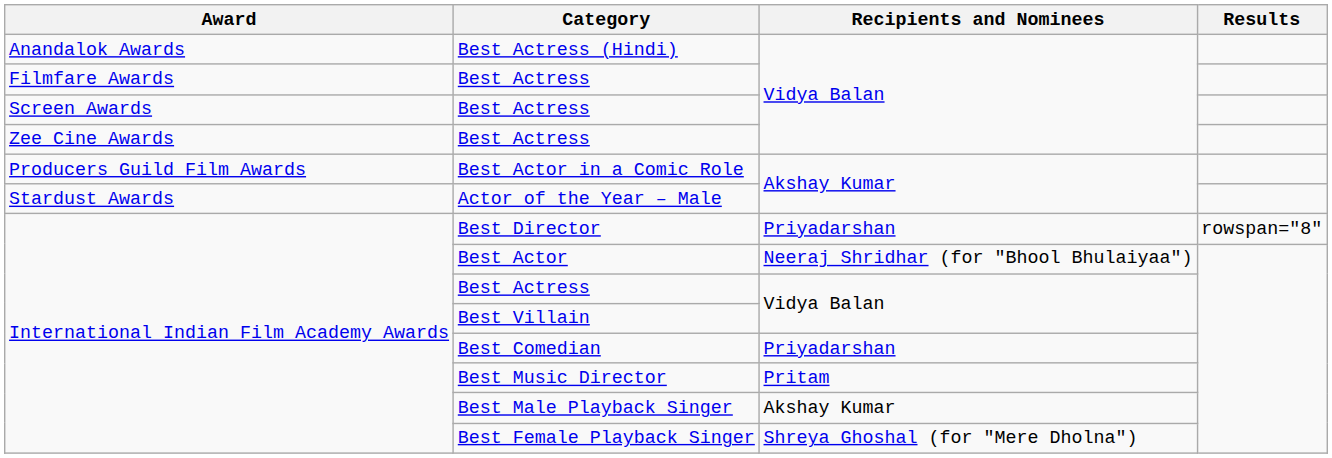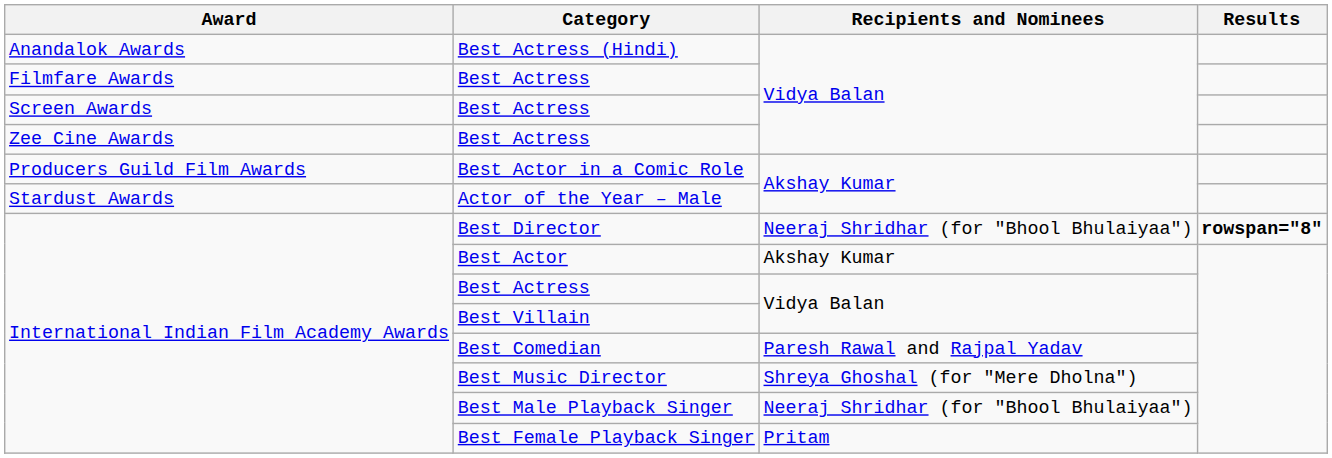 <table class="wikitable plainrowheaders sortable">
 <tr>
 <th>Award</th>
 <th>Category</th>
 <th>Recipients and Nominees</th>
 <th>Results</th>
 </tr>
 <tr>
 <td rowspan="1"><a href='#'>Anandalok Awards</a></td>
 <td><a href='#'>Best Actress (Hindi)</a></td>
 <td rowspan="4"><a href='#'>Vidya Balan</a></td>
 <td></td>
 </tr>
 <tr>
 <td><a href='#'>Filmfare Awards</a></td>
 <td><a href='#'>Best Actress</a></td>
 <td></td>
 </tr>
 <tr>
 <td><a href='#'>Screen Awards</a></td>
 <td><a href='#'>Best Actress</a></td>
 <td></td>
 </tr>
 <tr>
 <td><a href='#'>Zee Cine Awards</a></td>
 <td><a href='#'>Best Actress</a></td>
 <td></td>
 </tr>
 <tr>
 <td><a href='#'>Producers Guild Film Awards</a></td>
 <td><a href='#'>Best Actor in a Comic Role</a></td>
 <td rowspan="2"><a href='#'>Akshay Kumar</a></td>
 <td></td>
 </tr>
 <tr>
 <td><a href='#'>Stardust Awards</a></td>
 <td><a href='#'>Actor of the Year – Male</a></td>
 <td></td>
 </tr>
 <tr>
 <td rowspan="8"><a href='#'>International Indian Film Academy Awards</a></td>
 <td><a href='#'>Best Director</a></td>
-<td><a href='#'>Priyadarshan</a></td>
-<td>rowspan="8" </td>
+<td><a href='#'>Neeraj Shridhar</a> (for "Bhool Bhulaiyaa")</td>
+<td><strong>rowspan="8" </strong></td>
 </tr>
 <tr>
 <td><a href='#'>Best Actor</a></td>
-<td><a href='#'>Neeraj Shridhar</a> (for "Bhool Bhulaiyaa")</td>
+<td>Akshay Kumar</td>
 </tr>
 <tr>
 <td><a href='#'>Best Actress</a></td>
 <td rowspan="2">Vidya Balan</td>
 </tr>
 <tr>
 <td><a href='#'>Best Villain</a></td>
 </tr>
 <tr>
 <td><a href='#'>Best Comedian</a></td>
-<td><a href='#'>Priyadarshan</a></td>
+<td><a href='#'>Paresh Rawal</a> and <a href='#'>Rajpal Yadav</a></td>
 </tr>
 <tr>
 <td><a href='#'>Best Music Director</a></td>
-<td><a href='#'>Pritam</a></td>
+<td><a href='#'>Shreya Ghoshal</a> (for "Mere Dholna")</td>
 </tr>
 <tr>
 <td><a href='#'>Best Male Playback Singer</a></td>
-<td>Akshay Kumar</td>
+<td><a href='#'>Neeraj Shridhar</a> (for "Bhool Bhulaiyaa")</td>
 </tr>
 <tr>
 <td><a href='#'>Best Female Playback Singer</a></td>
-<td><a href='#'>Shreya Ghoshal</a> (for "Mere Dholna")</td>
+<td><a href='#'>Pritam</a></td>
 </tr>
 </table>
